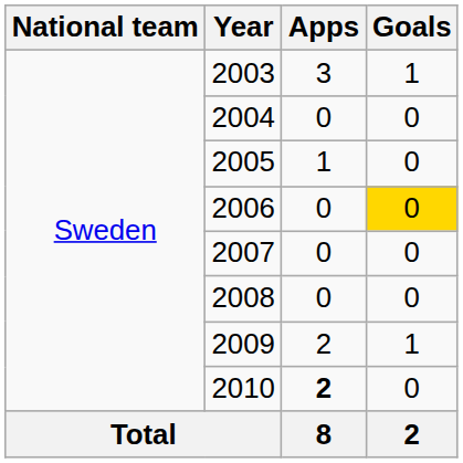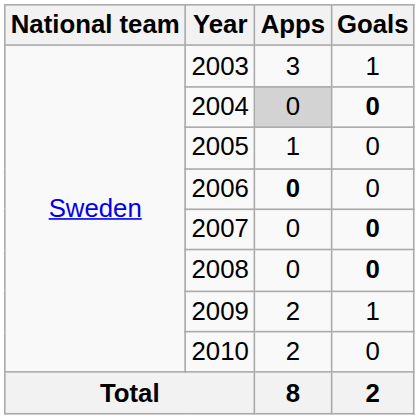 <table class="wikitable" style="text-align:center">
 <tr>
 <th>National team</th>
 <th>Year</th>
 <th>Apps</th>
 <th>Goals</th>
 </tr>
 <tr>
 <td rowspan="8"><a href='#'>Sweden</a></td>
 <td>2003</td>
 <td>3</td>
 <td>1</td>
 </tr>
 <tr>
 <td>2004</td>
-<td>0</td>
-<td>0</td>
+<td style="background: lightgrey;">0</td>
+<td><strong>0</strong></td>
 </tr>
 <tr>
 <td>2005</td>
 <td>1</td>
 <td>0</td>
 </tr>
 <tr>
 <td>2006</td>
+<td><strong>0</strong></td>
 <td>0</td>
-<td style="background: gold;">0</td>
 </tr>
 <tr>
 <td>2007</td>
 <td>0</td>
-<td>0</td>
+<td><strong>0</strong></td>
 </tr>
 <tr>
 <td>2008</td>
 <td>0</td>
-<td>0</td>
+<td><strong>0</strong></td>
 </tr>
 <tr>
 <td>2009</td>
 <td>2</td>
 <td>1</td>
 </tr>
 <tr>
 <td>2010</td>
-<td><strong>2</strong></td>
+<td>2</td>
 <td>0</td>
 </tr>
 <tr>
 <th colspan="2">Total</th>
 <th>8</th>
 <th>2</th>
 </tr>
 </table>
